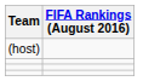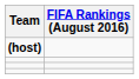 <table class="wikitable sortable" style="text-align: left;">
 <tr>
 <th>Team</th>
 <th><a href='#'>FIFA Rankings</a><br>(August 2016)</th>
 </tr>
 <tr>
-<td> (host)</td>
+<td><strong> (host)</strong></td>
 <td></td>
 </tr>
 <tr>
 <td></td>
 <td></td>
 </tr>
 <tr>
 <td></td>
 <td></td>
 </tr>
 <tr>
 <td></td>
 <td></td>
 </tr>
 </table>
